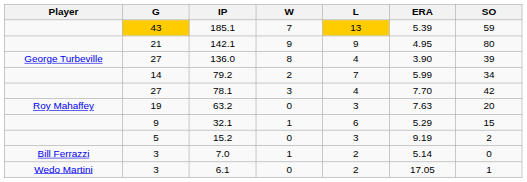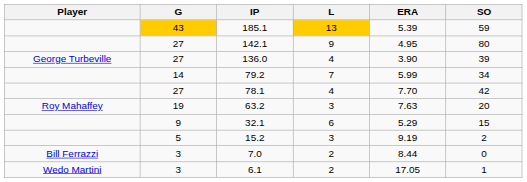 <table class="wikitable sortable">
 <tr>
 <th bgcolor="#DDDDFF" width="16%">Player</th>
 <th bgcolor="#DDDDFF" width="9%">G</th>
 <th bgcolor="#DDDDFF" width="9%">IP</th>
-<th bgcolor="#DDDDFF" width="9%">W</th>
 <th bgcolor="#DDDDFF" width="9%">L</th>
 <th bgcolor="#DDDDFF" width="9%">ERA</th>
 <th bgcolor="#DDDDFF" width="9%">SO</th>
 </tr>
 <tr align="center">
 <td></td>
 <td style="background:#fc0;">43</td>
 <td>185.1</td>
-<td>7</td>
 <td style="background:#fc0;">13</td>
 <td>5.39</td>
 <td>59</td>
 </tr>
 <tr align="center">
 <td></td>
-<td>21</td>
+<td>27</td>
 <td>142.1</td>
-<td>9</td>
 <td>9</td>
 <td>4.95</td>
 <td>80</td>
 </tr>
 <tr align="center">
 <td><a href='#'>George Turbeville</a></td>
 <td>27</td>
 <td>136.0</td>
-<td>8</td>
 <td>4</td>
 <td>3.90</td>
 <td>39</td>
 </tr>
 <tr align=center>
 <td></td>
 <td>14</td>
 <td>79.2</td>
-<td>2</td>
 <td>7</td>
 <td>5.99</td>
 <td>34</td>
 </tr>
 <tr align="center">
 <td></td>
 <td>27</td>
 <td>78.1</td>
-<td>3</td>
 <td>4</td>
 <td>7.70</td>
 <td>42</td>
 </tr>
 <tr align="center">
 <td><a href='#'>Roy Mahaffey</a></td>
 <td>19</td>
 <td>63.2</td>
-<td>0</td>
 <td>3</td>
 <td>7.63</td>
 <td>20</td>
 </tr>
 <tr align=center>
 <td></td>
 <td>9</td>
 <td>32.1</td>
-<td>1</td>
 <td>6</td>
 <td>5.29</td>
 <td>15</td>
 </tr>
 <tr align="center">
 <td></td>
 <td>5</td>
 <td>15.2</td>
-<td>0</td>
 <td>3</td>
 <td>9.19</td>
 <td>2</td>
 </tr>
 <tr align="center">
 <td><a href='#'>Bill Ferrazzi</a></td>
 <td>3</td>
 <td>7.0</td>
-<td>1</td>
 <td>2</td>
-<td>5.14</td>
+<td>8.44</td>
 <td>0</td>
 </tr>
 <tr align=center>
 <td><a href='#'>Wedo Martini</a></td>
 <td>3</td>
 <td>6.1</td>
-<td>0</td>
 <td>2</td>
 <td>17.05</td>
 <td>1</td>
 </tr>
 </table>
